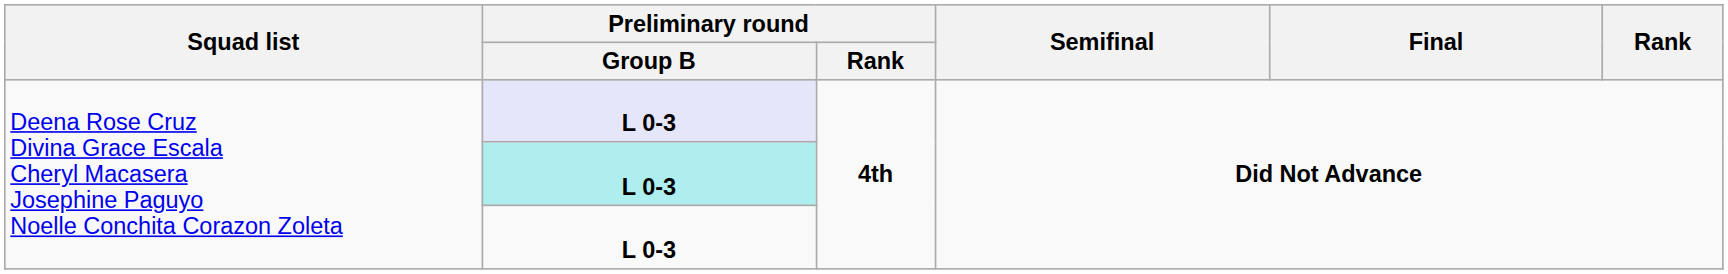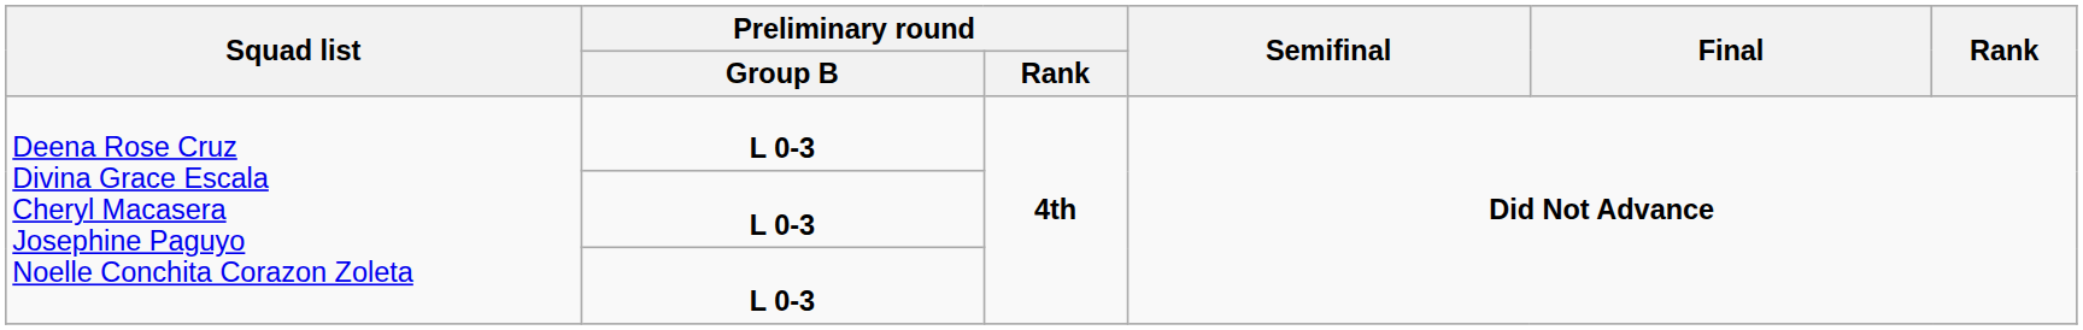 <table class="wikitable" style="text-align:left; font-size:90%">
 <tr>
 <th rowspan="2" width="20%">Squad list</th>
 <th colspan="2">Preliminary round</th>
 <th rowspan="2" width="14%">Semifinal</th>
 <th rowspan="2" width="14%">Final</th>
 <th rowspan="2" width="5%">Rank</th>
 </tr>
 <tr>
 <th width="14%">Group B</th>
 <th width="5%">Rank</th>
 </tr>
 <tr>
 <td rowspan="3"><a href='#'>Deena Rose Cruz</a> <br> <a href='#'>Divina Grace Escala</a> <br> <a href='#'>Cheryl Macasera</a> <br> <a href='#'>Josephine Paguyo</a> <br> <a href='#'>Noelle Conchita Corazon Zoleta</a></td>
-<td align=center style="background: lavender;"><br> <strong>L 0-3</strong></td>
+<td align=center><br> <strong>L 0-3</strong></td>
 <td rowspan="3" align=center><strong>4th</strong></td>
 <td rowspan="3" colspan=3 align=center><strong>Did Not Advance</strong></td>
 </tr>
 <tr>
-<td align=center style="background: paleturquoise;"><br> <strong>L 0-3</strong></td>
+<td align=center><br> <strong>L 0-3</strong></td>
 </tr>
 <tr>
 <td align=center><br> <strong>L 0-3</strong></td>
 </tr>
 </table>
